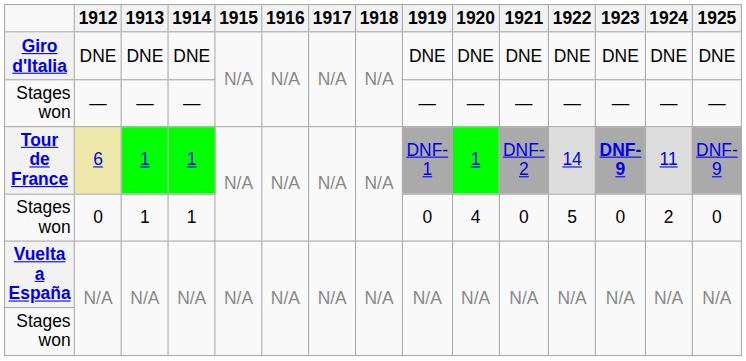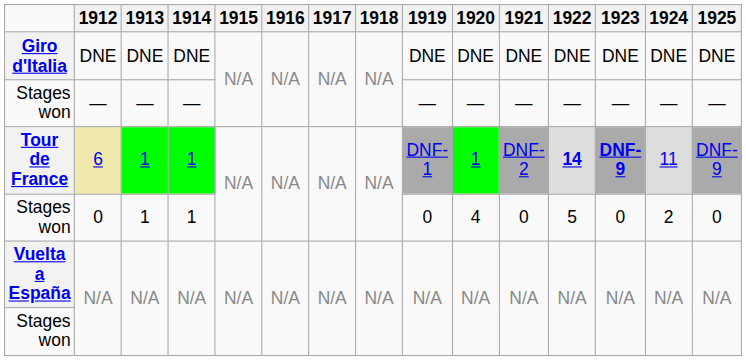 <table class="wikitable">
 <tr>
 <td></td>
 <th scope="col">1912</th>
 <th scope="col">1913</th>
 <th scope="col">1914</th>
 <th scope="col">1915</th>
 <th scope="col">1916</th>
 <th scope="col">1917</th>
 <th scope="col">1918</th>
 <th scope="col">1919</th>
 <th scope="col">1920</th>
 <th scope="col">1921</th>
 <th scope="col">1922</th>
 <th scope="col">1923</th>
 <th scope="col">1924</th>
 <th scope="col">1925</th>
 </tr>
 <tr>
 <th scope="row"><a href='#'>Giro d'Italia</a></th>
 <td align="center">DNE</td>
 <td align="center">DNE</td>
 <td align="center">DNE</td>
 <td rowspan=2 align="center" style="color:#888888;">N/A</td>
 <td rowspan=2 align="center" style="color:#888888;">N/A</td>
 <td rowspan=2 align="center" style="color:#888888;">N/A</td>
 <td rowspan=2 align="center" style="color:#888888;">N/A</td>
 <td align="center">DNE</td>
 <td align="center">DNE</td>
 <td align="center">DNE</td>
 <td align="center">DNE</td>
 <td align="center">DNE</td>
 <td align="center">DNE</td>
 <td align="center">DNE</td>
 </tr>
 <tr>
 <td align="right">Stages won</td>
 <td align="center">—</td>
 <td align="center">—</td>
 <td align="center">—</td>
 <td align="center">—</td>
 <td align="center">—</td>
 <td align="center">—</td>
 <td align="center">—</td>
 <td align="center">—</td>
 <td align="center">—</td>
 <td align="center">—</td>
 </tr>
 <tr>
 <th scope="row"><a href='#'>Tour de France</a></th>
 <td align="center" style="background:#EEE8AA;"><a href='#'>6</a></td>
 <td align="center" style="background:#00ff00;"><a href='#'>1</a></td>
 <td align="center" style="background:#00ff00;"><a href='#'>1</a></td>
 <td rowspan=2 align="center" style="color:#888888;">N/A</td>
 <td rowspan=2 align="center" style="color:#888888;">N/A</td>
 <td rowspan=2 align="center" style="color:#888888;">N/A</td>
 <td rowspan=2 align="center" style="color:#888888;">N/A</td>
 <td align="center" style="background:#AAAAAA;"><a href='#'>DNF-1</a></td>
 <td align="center" style="background:#00ff00;"><a href='#'>1</a></td>
 <td align="center" style="background:#AAAAAA;"><a href='#'>DNF-2</a></td>
-<td align="center" style="background:#DDDDDD;"><a href='#'>14</a></td>
+<td align="center" style="background:#DDDDDD;"><strong><a href='#'>14</a></strong></td>
 <td align="center" style="background:#AAAAAA;"><strong><a href='#'>DNF-9</a></strong></td>
 <td align="center" style="background:#DDDDDD;"><a href='#'>11</a></td>
 <td align="center" style="background:#AAAAAA;"><a href='#'>DNF-9</a></td>
 </tr>
 <tr>
 <td align="right">Stages won</td>
 <td align="center">0</td>
 <td align="center">1</td>
 <td align="center">1</td>
 <td align="center">0</td>
 <td align="center">4</td>
 <td align="center">0</td>
 <td align="center">5</td>
 <td align="center">0</td>
 <td align="center">2</td>
 <td align="center">0</td>
 </tr>
 <tr>
 <th scope="row"><a href='#'>Vuelta a España</a></th>
 <td rowspan=2 align="center" style="color:#888888;">N/A</td>
 <td rowspan=2 align="center" style="color:#888888;">N/A</td>
 <td rowspan=2 align="center" style="color:#888888;">N/A</td>
 <td rowspan=2 align="center" style="color:#888888;">N/A</td>
 <td rowspan=2 align="center" style="color:#888888;">N/A</td>
 <td rowspan=2 align="center" style="color:#888888;">N/A</td>
 <td rowspan=2 align="center" style="color:#888888;">N/A</td>
 <td rowspan=2 align="center" style="color:#888888;">N/A</td>
 <td rowspan=2 align="center" style="color:#888888;">N/A</td>
 <td rowspan=2 align="center" style="color:#888888;">N/A</td>
 <td rowspan=2 align="center" style="color:#888888;">N/A</td>
 <td rowspan=2 align="center" style="color:#888888;">N/A</td>
 <td rowspan=2 align="center" style="color:#888888;">N/A</td>
 <td rowspan=2 align="center" style="color:#888888;">N/A</td>
 </tr>
 <tr>
 <td align="right">Stages won</td>
 </tr>
 </table>
